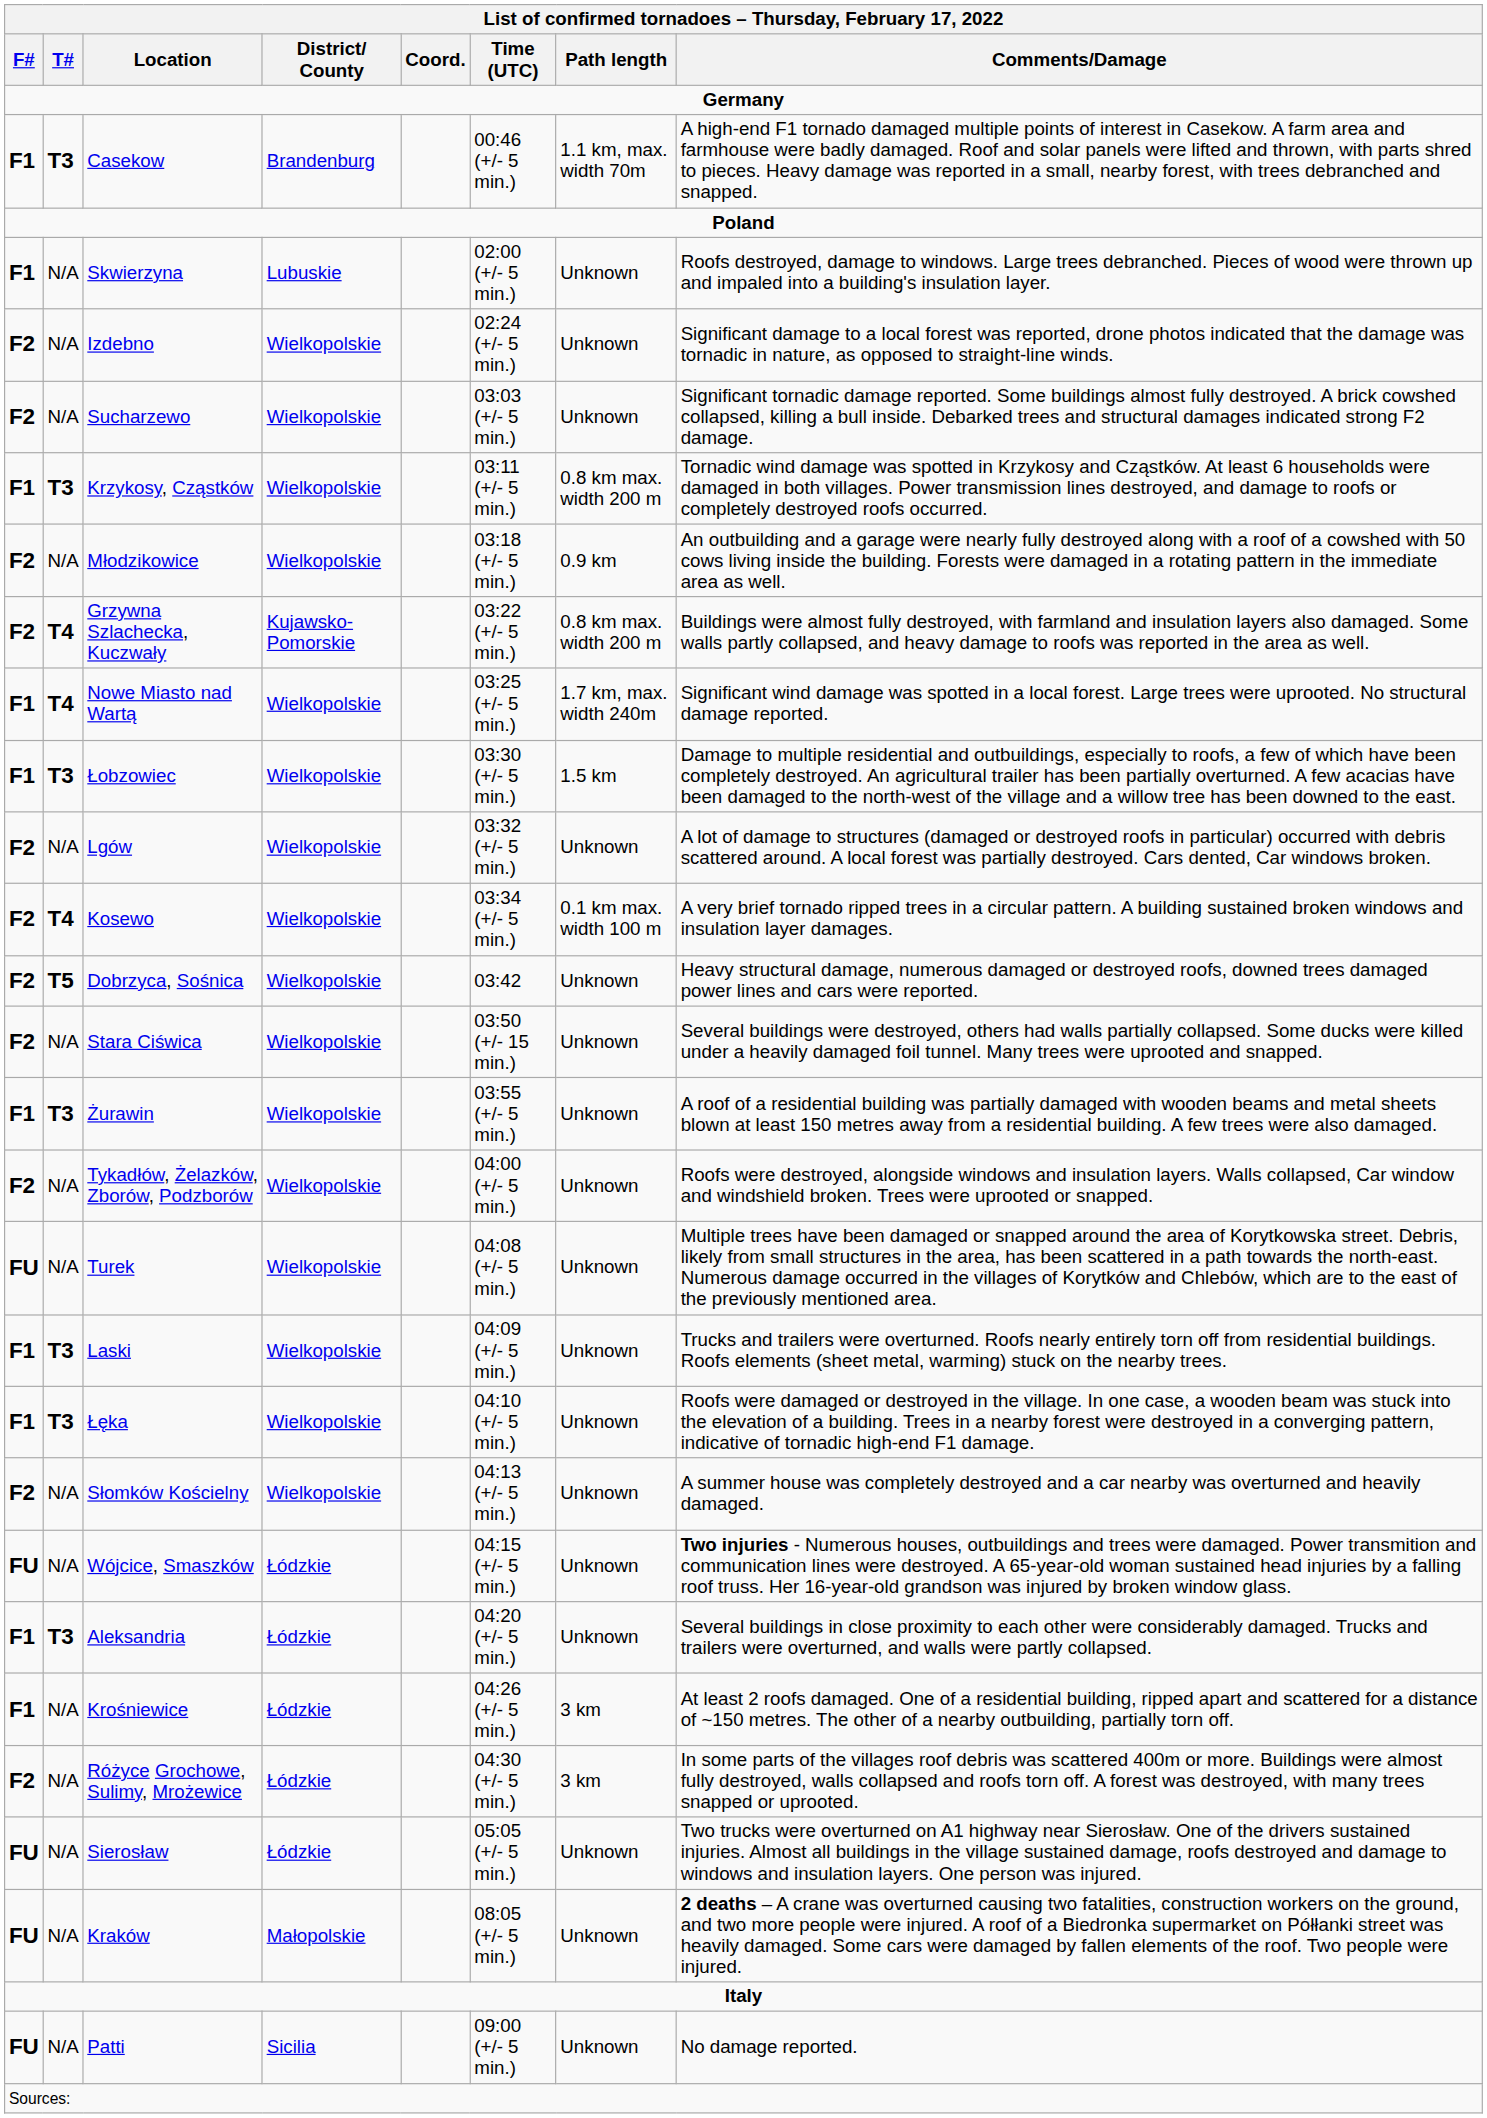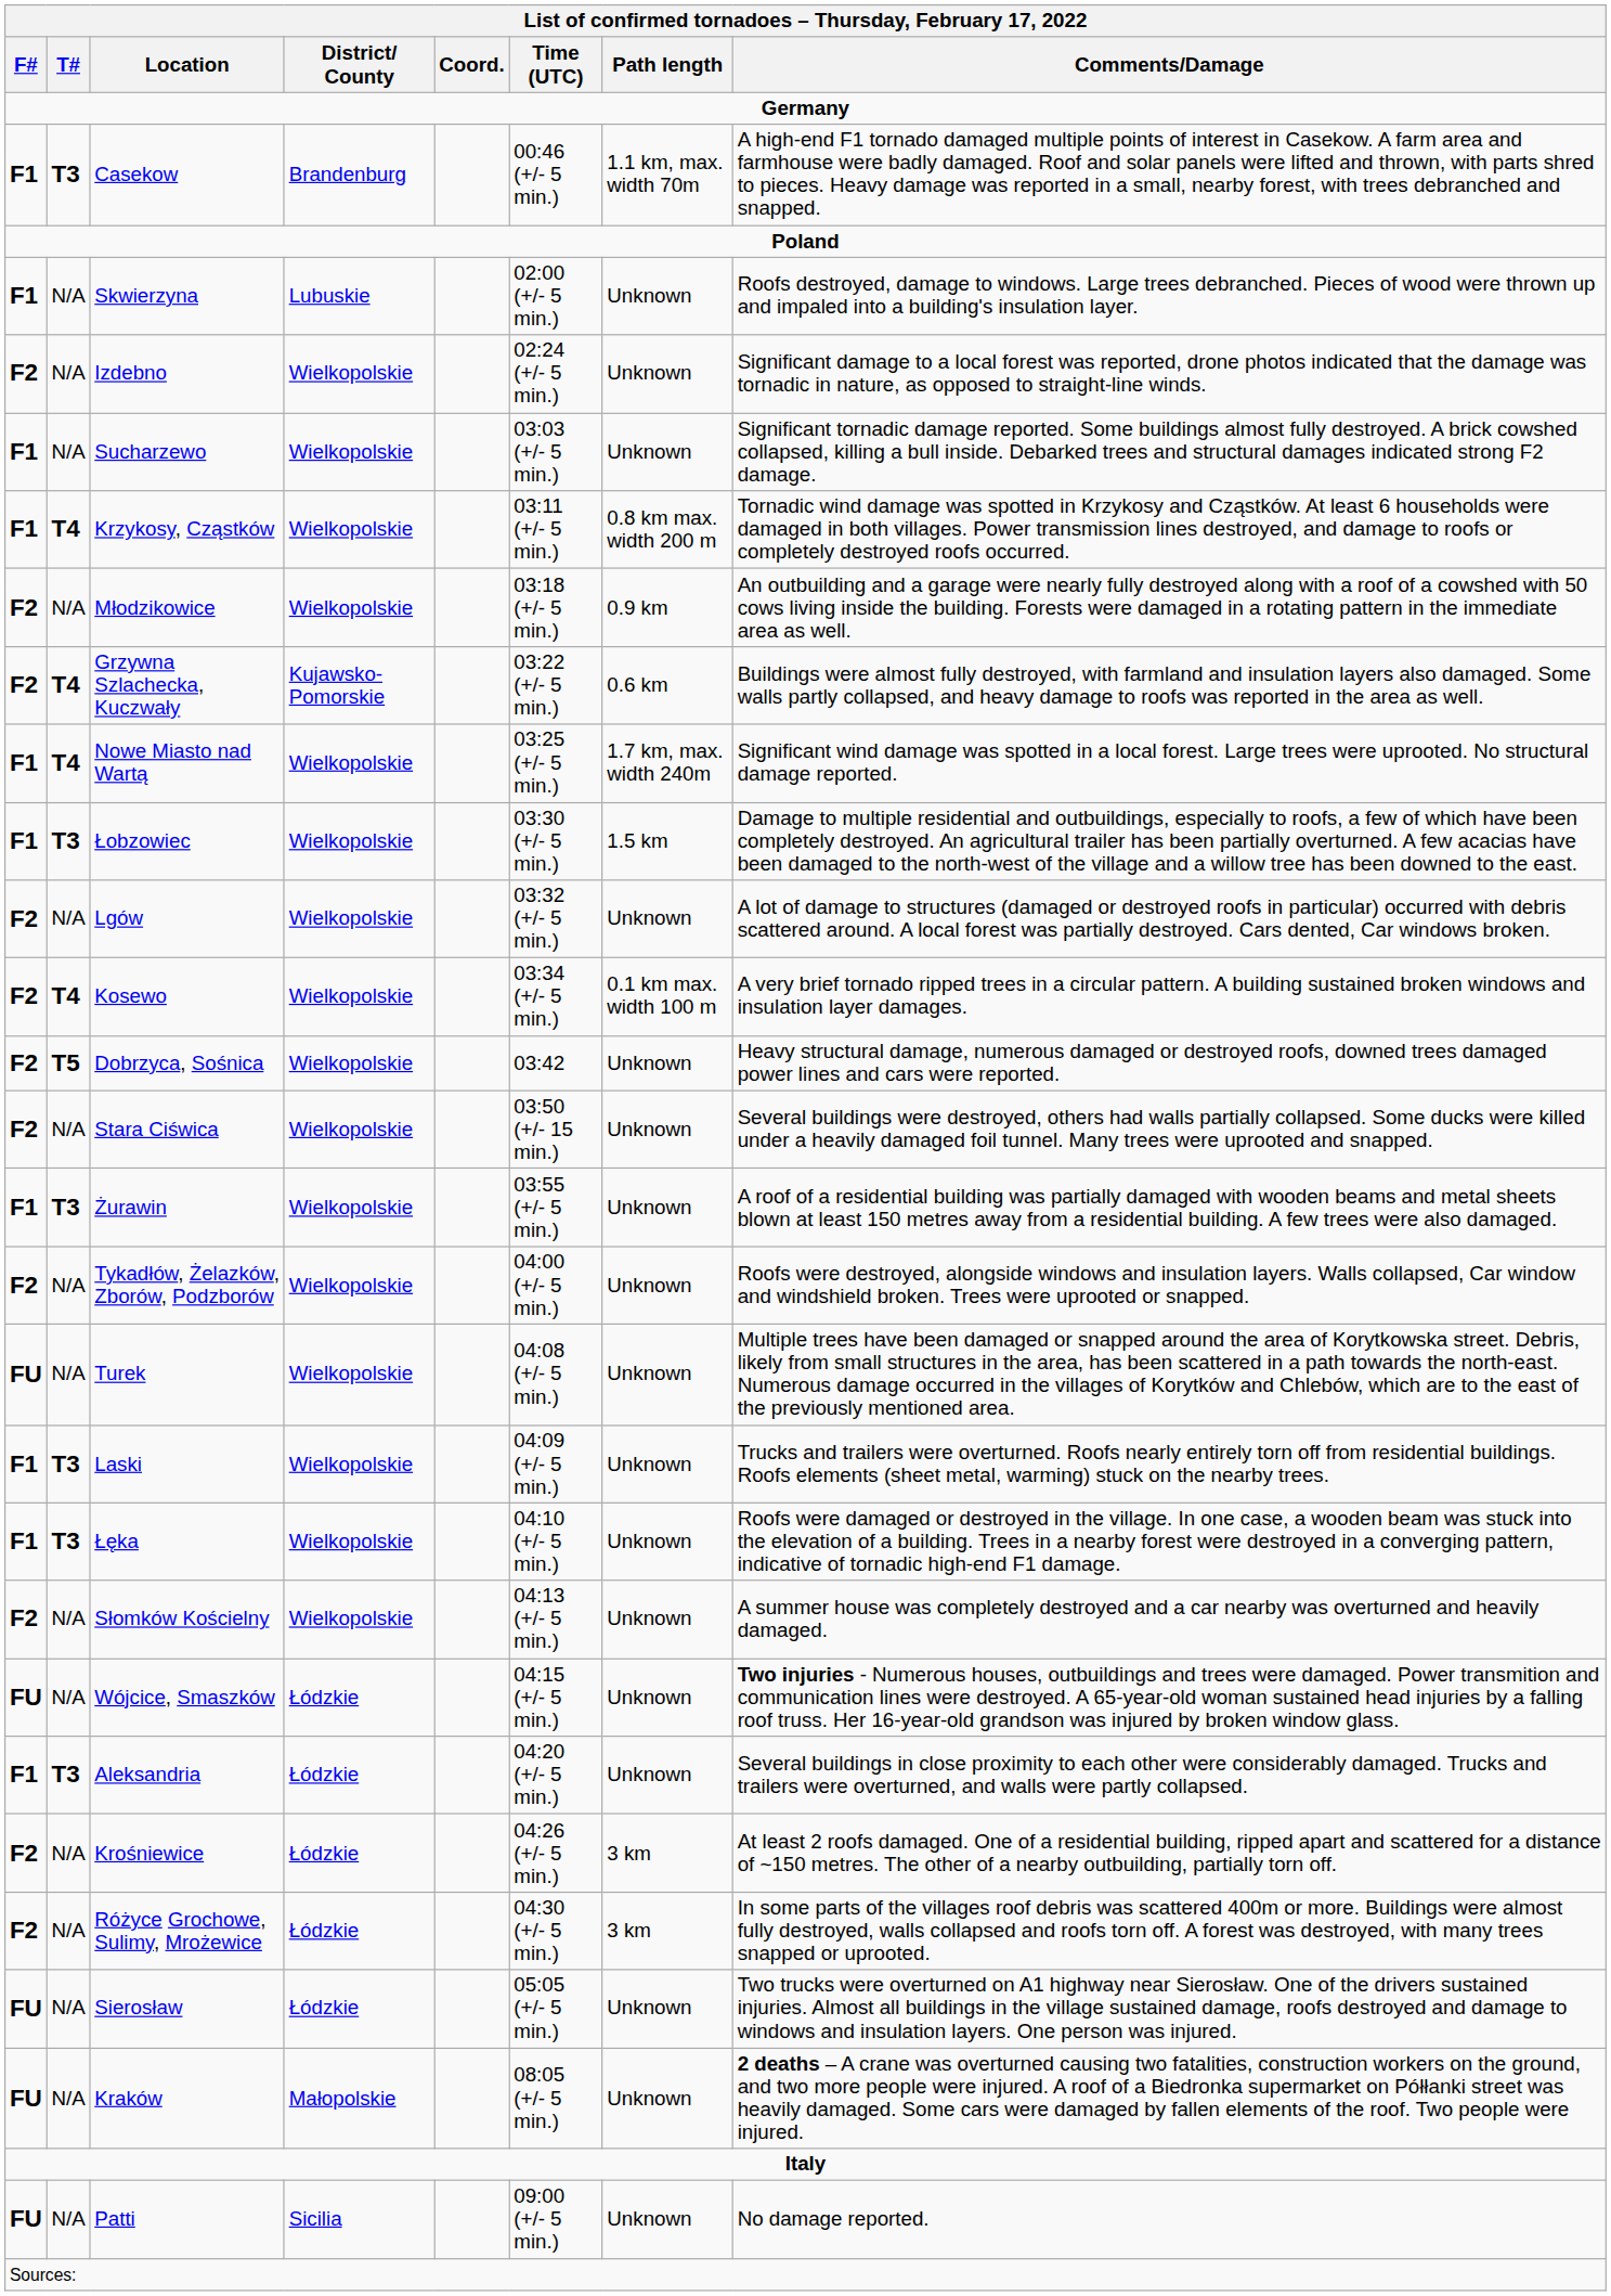 <table class="wikitable collapsible" width="100%">
 <tr>
 <th colspan="8">List of confirmed tornadoes – Thursday, February 17, 2022</th>
 </tr>
 <tr>
 <th><a href='#'>F#</a></th>
 <th><a href='#'>T#</a></th>
 <th>Location</th>
 <th>District/<br>County</th>
 <th>Coord.</th>
 <th>Time (UTC)</th>
 <th>Path length</th>
 <th>Comments/Damage</th>
 </tr>
 <tr>
 <td colspan="8" align=center><strong>Germany</strong></td>
 </tr>
 <tr>
 <td><big><strong>F1</strong></big></td>
 <td><big><strong>T3</strong></big></td>
 <td><a href='#'>Casekow</a></td>
 <td><a href='#'>Brandenburg</a></td>
 <td></td>
 <td>00:46 (+/- 5 min.)</td>
 <td>1.1 km, max. width 70m</td>
 <td>A high-end F1 tornado damaged multiple points of interest in Casekow. A farm area and farmhouse were badly damaged. Roof and solar panels were lifted and thrown, with parts shred to pieces. Heavy damage was reported in a small, nearby forest, with trees debranched and snapped.</td>
 </tr>
 <tr>
 <td colspan="8" align=center><strong>Poland</strong></td>
 </tr>
 <tr>
 <td><big><strong>F1</strong></big></td>
 <td>N/A</td>
 <td><a href='#'>Skwierzyna</a></td>
 <td><a href='#'>Lubuskie</a></td>
 <td></td>
 <td>02:00 (+/- 5 min.)</td>
 <td>Unknown</td>
 <td>Roofs destroyed, damage to windows. Large trees debranched. Pieces of wood were thrown up and impaled into a building's insulation layer.</td>
 </tr>
 <tr>
 <td><big><strong>F2</strong></big></td>
 <td>N/A</td>
 <td><a href='#'>Izdebno</a></td>
 <td><a href='#'>Wielkopolskie</a></td>
 <td></td>
 <td>02:24 (+/- 5 min.)</td>
 <td>Unknown</td>
 <td>Significant damage to a local forest was reported, drone photos indicated that the damage was tornadic in nature, as opposed to straight-line winds.</td>
 </tr>
 <tr>
-<td><big><strong>F2</strong></big></td>
+<td><big><strong>F1</strong></big></td>
 <td>N/A</td>
 <td><a href='#'>Sucharzewo</a></td>
 <td><a href='#'>Wielkopolskie</a></td>
 <td></td>
 <td>03:03 (+/- 5 min.)</td>
 <td>Unknown</td>
 <td>Significant tornadic damage reported. Some buildings almost fully destroyed. A brick cowshed collapsed, killing a bull inside. Debarked trees and structural damages indicated strong F2 damage.</td>
 </tr>
 <tr>
 <td><big><strong>F1</strong></big></td>
-<td><big><strong>T3</strong></big></td>
+<td><big><strong>T4</strong></big></td>
 <td><a href='#'>Krzykosy</a>, <a href='#'>Cząstków</a></td>
 <td><a href='#'>Wielkopolskie</a></td>
 <td></td>
 <td>03:11 (+/- 5 min.)</td>
 <td>0.8 km max. width 200 m</td>
 <td>Tornadic wind damage was spotted in Krzykosy and Cząstków. At least 6 households were damaged in both villages. Power transmission lines destroyed, and damage to roofs or completely destroyed roofs occurred.</td>
 </tr>
 <tr>
 <td><big><strong>F2</strong></big></td>
 <td>N/A</td>
 <td><a href='#'>Młodzikowice</a></td>
 <td><a href='#'>Wielkopolskie</a></td>
 <td></td>
 <td>03:18 (+/- 5 min.)</td>
 <td>0.9 km</td>
 <td>An outbuilding and a garage were nearly fully destroyed along with a roof of a cowshed with 50 cows living inside the building. Forests were damaged in a rotating pattern in the immediate area as well.</td>
 </tr>
 <tr>
 <td><big><strong>F2</strong></big></td>
 <td><big><strong>T4</strong></big></td>
 <td><a href='#'>Grzywna Szlachecka</a>, <a href='#'>Kuczwały</a></td>
 <td><a href='#'>Kujawsko-Pomorskie</a></td>
 <td></td>
 <td>03:22 (+/- 5 min.)</td>
-<td>0.8 km max. width 200 m</td>
+<td>0.6 km</td>
 <td>Buildings were almost fully destroyed, with farmland and insulation layers also damaged. Some walls partly collapsed, and heavy damage to roofs was reported in the area as well.</td>
 </tr>
 <tr>
 <td><big><strong>F1</strong></big></td>
 <td><big><strong>T4</strong></big></td>
 <td><a href='#'>Nowe Miasto nad Wartą</a></td>
 <td><a href='#'>Wielkopolskie</a></td>
 <td></td>
 <td>03:25 (+/- 5 min.)</td>
 <td>1.7 km, max. width 240m</td>
 <td>Significant wind damage was spotted in a local forest. Large trees were uprooted. No structural damage reported.</td>
 </tr>
 <tr>
 <td><big><strong>F1</strong></big></td>
 <td><big><strong>T3</strong></big></td>
 <td><a href='#'>Łobzowiec</a></td>
 <td><a href='#'>Wielkopolskie</a></td>
 <td></td>
 <td>03:30 (+/- 5 min.)</td>
 <td>1.5 km</td>
 <td>Damage to multiple residential and outbuildings, especially to roofs, a few of which have been completely destroyed. An agricultural trailer has been partially overturned. A few acacias have been damaged to the north-west of the village and a willow tree has been downed to the east.</td>
 </tr>
 <tr>
 <td><big><strong>F2</strong></big></td>
 <td>N/A</td>
 <td><a href='#'>Lgów</a></td>
 <td><a href='#'>Wielkopolskie</a></td>
 <td></td>
 <td>03:32 (+/- 5 min.)</td>
 <td>Unknown</td>
 <td>A lot of damage to structures (damaged or destroyed roofs in particular) occurred with debris scattered around. A local forest was partially destroyed. Cars dented, Car windows broken.</td>
 </tr>
 <tr>
 <td><big><strong>F2</strong></big></td>
 <td><big><strong>T4</strong></big></td>
 <td><a href='#'>Kosewo</a></td>
 <td><a href='#'>Wielkopolskie</a></td>
 <td></td>
 <td>03:34 (+/- 5 min.)</td>
 <td>0.1 km max. width 100 m</td>
 <td>A very brief tornado ripped trees in a circular pattern. A building sustained broken windows and insulation layer damages.</td>
 </tr>
 <tr>
 <td><big><strong>F2</strong></big></td>
 <td><big><strong>T5</strong></big></td>
 <td><a href='#'>Dobrzyca</a>, <a href='#'>Sośnica</a></td>
 <td><a href='#'>Wielkopolskie</a></td>
 <td></td>
 <td>03:42</td>
 <td>Unknown</td>
 <td>Heavy structural damage, numerous damaged or destroyed roofs, downed trees damaged power lines and cars were reported.</td>
 </tr>
 <tr>
 <td><big><strong>F2</strong></big></td>
 <td>N/A</td>
 <td><a href='#'>Stara Ciświca</a></td>
 <td><a href='#'>Wielkopolskie</a></td>
 <td></td>
 <td>03:50 (+/- 15 min.)</td>
 <td>Unknown</td>
 <td>Several buildings were destroyed, others had walls partially collapsed. Some ducks were killed under a heavily damaged foil tunnel. Many trees were uprooted and snapped.</td>
 </tr>
 <tr>
 <td><big><strong>F1</strong></big></td>
 <td><big><strong>T3</strong></big></td>
 <td><a href='#'>Żurawin</a></td>
 <td><a href='#'>Wielkopolskie</a></td>
 <td></td>
 <td>03:55 (+/- 5 min.)</td>
 <td>Unknown</td>
 <td>A roof of a residential building was partially damaged with wooden beams and metal sheets blown at least 150 metres away from a residential building. A few trees were also damaged.</td>
 </tr>
 <tr>
 <td><big><strong>F2</strong></big></td>
 <td>N/A</td>
 <td><a href='#'>Tykadłów</a>, <a href='#'>Żelazków</a>, <a href='#'>Zborów</a>, <a href='#'>Podzborów</a></td>
 <td><a href='#'>Wielkopolskie</a></td>
 <td></td>
 <td>04:00 (+/- 5 min.)</td>
 <td>Unknown</td>
 <td>Roofs were destroyed, alongside windows and insulation layers. Walls collapsed, Car window and windshield broken. Trees were uprooted or snapped.</td>
 </tr>
 <tr>
 <td><big><strong>FU</strong></big></td>
 <td>N/A</td>
 <td><a href='#'>Turek</a></td>
 <td><a href='#'>Wielkopolskie</a></td>
 <td></td>
 <td>04:08 (+/- 5 min.)</td>
 <td>Unknown</td>
 <td>Multiple trees have been damaged or snapped around the area of Korytkowska street. Debris, likely from small structures in the area, has been scattered in a path towards the north-east. Numerous damage occurred in the villages of Korytków and Chlebów, which are to the east of the previously mentioned area.</td>
 </tr>
 <tr>
 <td><big><strong>F1</strong></big></td>
 <td><big><strong>T3</strong></big></td>
 <td><a href='#'>Laski</a></td>
 <td><a href='#'>Wielkopolskie</a></td>
 <td></td>
 <td>04:09 (+/- 5 min.)</td>
 <td>Unknown</td>
 <td>Trucks and trailers were overturned. Roofs nearly entirely torn off from residential buildings. Roofs elements (sheet metal, warming) stuck on the nearby trees.</td>
 </tr>
 <tr>
 <td><big><strong>F1</strong></big></td>
 <td><big><strong>T3</strong></big></td>
 <td><a href='#'>Łęka</a></td>
 <td><a href='#'>Wielkopolskie</a></td>
 <td></td>
 <td>04:10 (+/- 5 min.)</td>
 <td>Unknown</td>
 <td>Roofs were damaged or destroyed in the village. In one case, a wooden beam was stuck into the elevation of a building. Trees in a nearby forest were destroyed in a converging pattern, indicative of tornadic high-end F1 damage.</td>
 </tr>
 <tr>
 <td><big><strong>F2</strong></big></td>
 <td>N/A</td>
 <td><a href='#'>Słomków Kościelny</a></td>
 <td><a href='#'>Wielkopolskie</a></td>
 <td></td>
 <td>04:13 (+/- 5 min.)</td>
 <td>Unknown</td>
 <td>A summer house was completely destroyed and a car nearby was overturned and heavily damaged.</td>
 </tr>
 <tr>
 <td><big><strong>FU</strong></big></td>
 <td>N/A</td>
 <td><a href='#'>Wójcice</a>, <a href='#'>Smaszków</a></td>
 <td><a href='#'>Łódzkie</a></td>
 <td></td>
 <td>04:15  (+/- 5 min.)</td>
 <td>Unknown</td>
 <td><strong>Two injuries</strong> - Numerous houses, outbuildings and trees were damaged. Power transmition and communication lines were destroyed. A 65-year-old woman sustained head injuries by a falling roof truss. Her 16-year-old grandson was injured by broken window glass.</td>
 </tr>
 <tr>
 <td><big><strong>F1</strong></big></td>
 <td><big><strong>T3</strong></big></td>
 <td><a href='#'>Aleksandria</a></td>
 <td><a href='#'>Łódzkie</a></td>
 <td></td>
 <td>04:20 (+/- 5 min.)</td>
 <td>Unknown</td>
 <td>Several buildings in close proximity to each other were considerably damaged. Trucks and trailers were overturned, and walls were partly collapsed.</td>
 </tr>
 <tr>
-<td><big><strong>F1</strong></big></td>
+<td><big><strong>F2</strong></big></td>
 <td>N/A</td>
 <td><a href='#'>Krośniewice</a></td>
 <td><a href='#'>Łódzkie</a></td>
 <td></td>
 <td>04:26 (+/- 5 min.)</td>
 <td>3 km</td>
 <td>At least 2 roofs damaged. One of a residential building, ripped apart and scattered for a distance of ~150 metres. The other of a nearby outbuilding, partially torn off.</td>
 </tr>
 <tr>
 <td><big><strong>F2</strong></big></td>
 <td>N/A</td>
 <td><a href='#'>Różyce</a> <a href='#'>Grochowe</a>, <a href='#'>Sulimy</a>, <a href='#'>Mrożewice</a></td>
 <td><a href='#'>Łódzkie</a></td>
 <td></td>
 <td>04:30 (+/- 5 min.)</td>
 <td>3 km</td>
 <td>In some parts of the villages roof debris was scattered 400m or more. Buildings were almost fully destroyed, walls collapsed and roofs torn off. A forest was destroyed, with many trees snapped or uprooted.</td>
 </tr>
 <tr>
 <td><big><strong>FU</strong></big></td>
 <td>N/A</td>
 <td><a href='#'>Sierosław</a></td>
 <td><a href='#'>Łódzkie</a></td>
 <td></td>
 <td>05:05 (+/- 5 min.)</td>
 <td>Unknown</td>
 <td>Two trucks were overturned on A1 highway near Sierosław. One of the drivers sustained injuries. Almost all buildings in the village sustained damage, roofs destroyed and damage to windows and insulation layers. One person was injured.</td>
 </tr>
 <tr>
 <td><big><strong>FU</strong></big></td>
 <td>N/A</td>
 <td><a href='#'>Kraków</a></td>
 <td><a href='#'>Małopolskie</a></td>
 <td></td>
 <td>08:05 (+/- 5 min.)</td>
 <td>Unknown</td>
 <td><strong>2 deaths</strong> – A crane was overturned causing two fatalities, construction workers on the ground, and two more people were injured. A roof of a Biedronka supermarket on Półłanki street was heavily damaged. Some cars were damaged by fallen elements of the roof. Two people were injured.</td>
 </tr>
 <tr>
 <td colspan="8" align=center><strong>Italy</strong></td>
 </tr>
 <tr>
 <td><big><strong>FU</strong></big></td>
 <td>N/A</td>
 <td><a href='#'>Patti</a></td>
 <td><a href='#'>Sicilia</a></td>
 <td></td>
 <td>09:00 (+/- 5 min.)</td>
 <td>Unknown</td>
 <td>No damage reported.</td>
 </tr>
 <tr>
 <td colspan="8"><small>Sources:  </small></td>
 </tr>
 </table>
